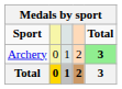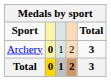 <table class="wikitable" style="font-size:85%">
 <tr style="background:#efefef;">
 <th colspan=7><strong>Medals by sport</strong></th>
 </tr>
 <tr align=center>
 <td><strong>Sport</strong></td>
 <td bgcolor=#f7f6a8></td>
 <td bgcolor=#dce5e5></td>
 <td bgcolor=#ffdab9></td>
 <td><strong>Total</strong></td>
 </tr>
 <tr align=center>
 <td><a href='#'>Archery</a></td>
-<td style="background:#F7F6A8;">0</td>
+<td style="background:#F7F6A8;"><strong>0</strong></td>
 <td style="background:#DCE5E5;">1</td>
 <td style="background:#FFDAB9;">2</td>
-<td style="background: lightgreen;"><strong>3</strong></td>
+<td><strong>3</strong></td>
 </tr>
 <tr align=center>
 <th><strong>Total</strong></th>
 <th style="background:gold;"><strong>0</strong></th>
 <th style="background:silver;"><strong>1</strong></th>
 <th style="background:#c96;"><strong>2</strong></th>
 <th><strong>3</strong></th>
 </tr>
 </table>
